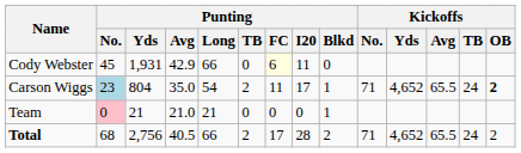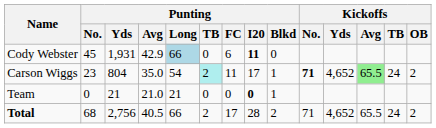 <table class="wikitable" style="white-space:nowrap;">
 <tr>
 <th rowspan="2">Name</th>
 <th colspan="8">Punting</th>
 <th colspan="5">Kickoffs</th>
 </tr>
 <tr>
 <th>No.</th>
 <th>Yds</th>
 <th>Avg</th>
 <th>Long</th>
 <th>TB</th>
 <th>FC</th>
 <th>I20</th>
 <th>Blkd</th>
 <th>No.</th>
 <th>Yds</th>
 <th>Avg</th>
 <th>TB</th>
 <th>OB</th>
 </tr>
 <tr>
 <td>Cody Webster</td>
 <td>45</td>
 <td>1,931</td>
 <td>42.9</td>
-<td>66</td>
+<td style="background: lightblue;">66</td>
 <td>0</td>
-<td style="background: lightyellow;">6</td>
-<td>11</td>
+<td>6</td>
+<td><strong>11</strong></td>
 <td>0</td>
 <td></td>
 <td></td>
 <td></td>
 <td></td>
 <td></td>
 </tr>
 <tr>
 <td>Carson Wiggs</td>
-<td style="background: lightblue;">23</td>
+<td>23</td>
 <td>804</td>
 <td>35.0</td>
 <td>54</td>
-<td>2</td>
+<td style="background: paleturquoise;">2</td>
 <td>11</td>
 <td>17</td>
 <td>1</td>
-<td>71</td>
+<td><strong>71</strong></td>
 <td>4,652</td>
-<td>65.5</td>
+<td style="background: lightgreen;">65.5</td>
 <td>24</td>
-<td><strong>2</strong></td>
+<td>2</td>
 </tr>
 <tr>
 <td>Team</td>
-<td style="background: pink;">0</td>
+<td>0</td>
 <td>21</td>
 <td>21.0</td>
 <td>21</td>
 <td>0</td>
 <td>0</td>
-<td>0</td>
+<td><strong>0</strong></td>
 <td>1</td>
 <td></td>
 <td></td>
 <td></td>
 <td></td>
 <td></td>
 </tr>
 <tr>
 <td><strong>Total</strong></td>
 <td>68</td>
 <td>2,756</td>
 <td>40.5</td>
 <td>66</td>
 <td>2</td>
 <td>17</td>
 <td>28</td>
 <td>2</td>
 <td>71</td>
 <td>4,652</td>
 <td>65.5</td>
 <td>24</td>
 <td>2</td>
 </tr>
 </table>
